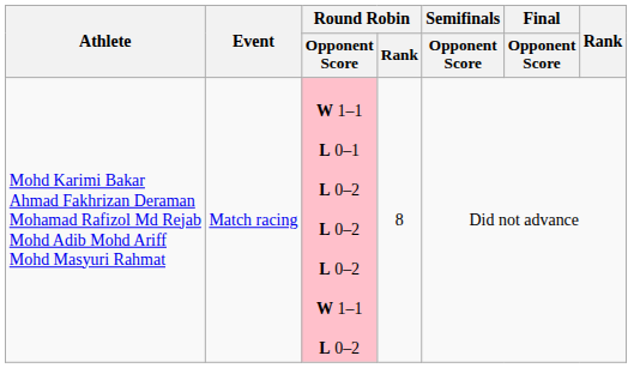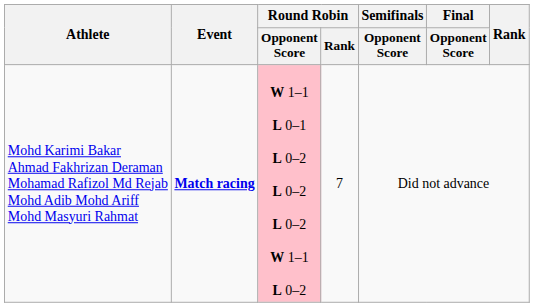 <table class=wikitable style="font-size:90%; text-align:center">
 <tr>
 <th rowspan=2>Athlete</th>
 <th rowspan=2>Event</th>
 <th colspan=2>Round Robin</th>
 <th>Semifinals</th>
 <th>Final</th>
 <th rowspan=2>Rank</th>
 </tr>
 <tr style="font-size:95%">
 <th>Opponent<br>Score</th>
 <th>Rank</th>
 <th>Opponent<br>Score</th>
 <th>Opponent<br>Score</th>
 </tr>
 <tr>
 <td align="left"><a href='#'>Mohd Karimi Bakar</a><br><a href='#'>Ahmad Fakhrizan Deraman</a><br><a href='#'>Mohamad Rafizol Md Rejab</a><br><a href='#'>Mohd Adib Mohd Ariff</a><br><a href='#'>Mohd Masyuri Rahmat</a></td>
-<td align="left"><a href='#'>Match racing</a></td>
+<td align="left"><strong><a href='#'>Match racing</a></strong></td>
 <td style="background: pink;"><br><strong>W</strong> 1–1<br><br><strong>L</strong> 0–1<br><br><strong>L</strong> 0–2<br><br><strong>L</strong> 0–2<br><br><strong>L</strong> 0–2<br><br><strong>W</strong> 1–1<br><br><strong>L</strong> 0–2<br></td>
-<td>8</td>
+<td>7</td>
 <td colspan=3>Did not advance</td>
 </tr>
 </table>
